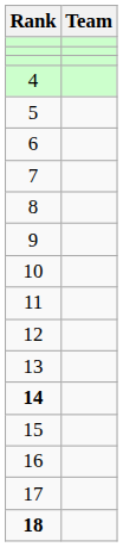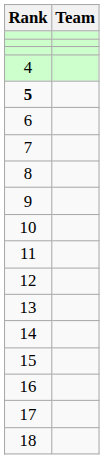 <table class=wikitable style="text-align:center;">
 <tr>
 <th>Rank</th>
 <th>Team</th>
 </tr>
 <tr bgcolor=#ccffcc>
 <td></td>
 <td align=left></td>
 </tr>
 <tr bgcolor=#ccffcc>
 <td></td>
 <td align=left></td>
 </tr>
 <tr bgcolor=#ccffcc>
 <td></td>
 <td align=left></td>
 </tr>
 <tr bgcolor=#ccffcc>
 <td>4</td>
 <td align=left></td>
 </tr>
 <tr>
-<td>5</td>
+<td><strong>5</strong></td>
 <td align=left></td>
 </tr>
 <tr>
 <td>6</td>
 <td align=left></td>
 </tr>
 <tr>
 <td>7</td>
 <td align=left></td>
 </tr>
 <tr>
 <td>8</td>
 <td align=left></td>
 </tr>
 <tr>
 <td>9</td>
 <td align=left></td>
 </tr>
 <tr>
 <td>10</td>
 <td align=left></td>
 </tr>
 <tr>
 <td>11</td>
 <td align=left></td>
 </tr>
 <tr>
 <td>12</td>
 <td align=left></td>
 </tr>
 <tr>
 <td>13</td>
 <td align=left></td>
 </tr>
 <tr>
-<td><strong>14</strong></td>
+<td>14</td>
 <td align=left></td>
 </tr>
 <tr>
 <td>15</td>
 <td align=left></td>
 </tr>
 <tr>
 <td>16</td>
 <td align=left></td>
 </tr>
 <tr>
 <td>17</td>
 <td align=left></td>
 </tr>
 <tr>
-<td><strong>18</strong></td>
+<td>18</td>
 <td align=left></td>
 </tr>
 </table>
